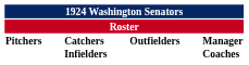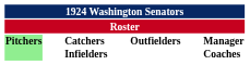 <table class="toccolours" style="font-size: 95%;">
 <tr>
 <th colspan="10" style="background-color: #072764; color: white; text-align: center;">1924 Washington Senators</th>
 </tr>
 <tr>
 <td colspan="10" style="background-color: #c6011f; color: white; text-align: center;"><strong>Roster</strong></td>
 </tr>
 <tr>
-<td valign="top"><strong>Pitchers</strong><br>           </td>
+<td valign="top" style="background: lightgreen;"><strong>Pitchers</strong><br>           </td>
 <td width="25px"></td>
 <td valign="top"><strong>Catchers</strong><br>   <strong>Infielders</strong>         </td>
 <td width="25px"></td>
 <td valign="top"><strong>Outfielders</strong><br>          </td>
 <td width="25px"></td>
 <td valign="top"><strong>Manager</strong><br> <strong>Coaches</strong>    </td>
 </tr>
 <tr>
 </tr>
 </table>
